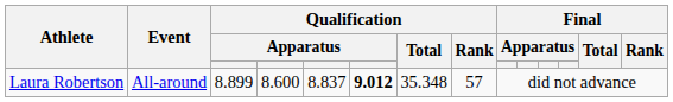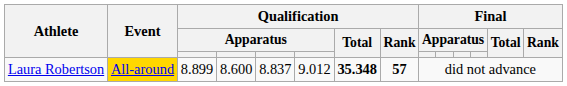 <table class="wikitable" style="font-size:90%">
 <tr>
 <th rowspan=3>Athlete</th>
 <th rowspan=3>Event</th>
 <th colspan=6>Qualification</th>
 <th colspan=6>Final</th>
 </tr>
 <tr style="font-size:95%">
 <th colspan=4>Apparatus</th>
 <th rowspan=2>Total</th>
 <th rowspan=2>Rank</th>
 <th colspan=4>Apparatus</th>
 <th rowspan=2>Total</th>
 <th rowspan=2>Rank</th>
 </tr>
 <tr style="font-size:95%">
 <th></th>
 <th></th>
 <th></th>
 <th></th>
 <th></th>
 <th></th>
 <th></th>
 <th></th>
 </tr>
 <tr align=center>
 <td align=left><a href='#'>Laura Robertson</a></td>
-<td align=left><a href='#'>All-around</a></td>
+<td align=left style="background: gold;"><a href='#'>All-around</a></td>
 <td>8.899</td>
 <td>8.600</td>
 <td>8.837</td>
-<td><strong>9.012</strong></td>
-<td>35.348</td>
-<td>57</td>
+<td>9.012</td>
+<td><strong>35.348</strong></td>
+<td><strong>57</strong></td>
 <td colspan=6>did not advance</td>
 </tr>
 </table>
